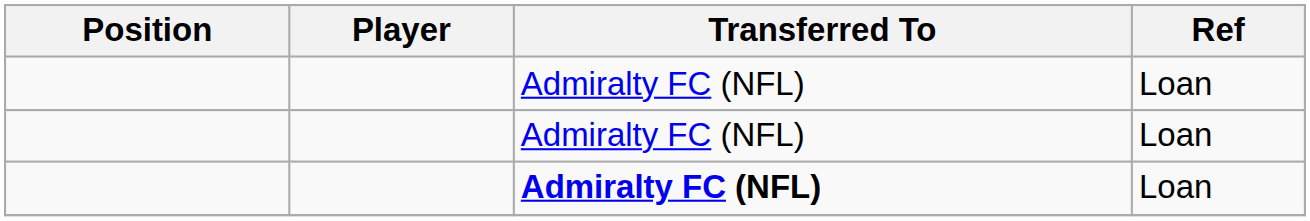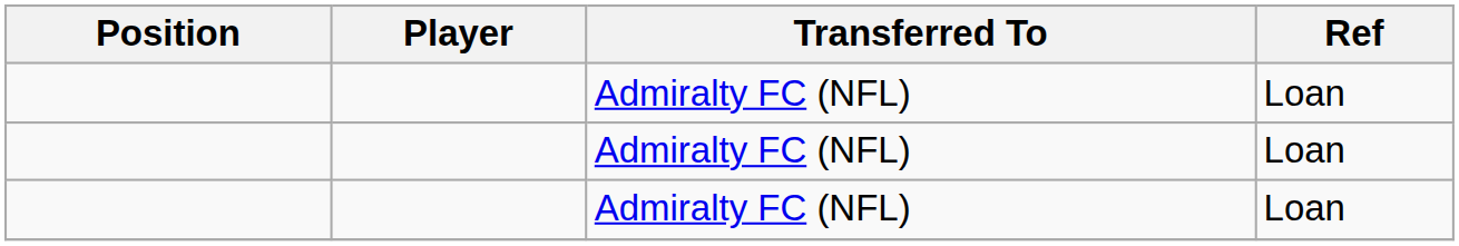 <table class="wikitable sortable" style="width:50%; text-align:center; font-size:100%; text-align:left;">
 <tr>
 <th><strong>Position</strong></th>
 <th><strong>Player</strong></th>
 <th><strong>Transferred To</strong></th>
 <th><strong>Ref</strong></th>
 </tr>
 <tr>
 <td></td>
 <td></td>
 <td> <a href='#'>Admiralty FC</a> (NFL)</td>
 <td>Loan</td>
 </tr>
 <tr>
 <td></td>
 <td></td>
 <td> <a href='#'>Admiralty FC</a> (NFL)</td>
 <td>Loan</td>
 </tr>
 <tr>
 <td></td>
 <td></td>
-<td><strong> <a href='#'>Admiralty FC</a> (NFL)</strong></td>
+<td> <a href='#'>Admiralty FC</a> (NFL)</td>
 <td>Loan</td>
 </tr>
 <tr>
 </tr>
 </table>
